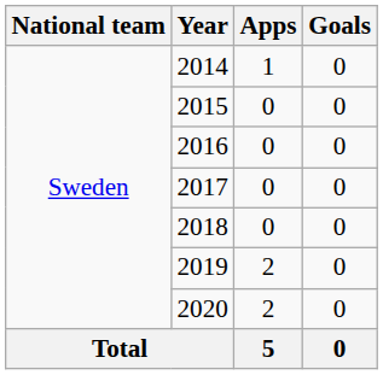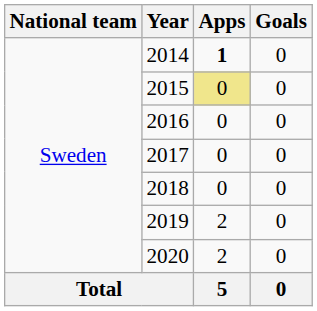 <table class="wikitable" style="text-align:center">
 <tr>
 <th>National team</th>
 <th>Year</th>
 <th>Apps</th>
 <th>Goals</th>
 </tr>
 <tr>
 <td rowspan="7"><a href='#'>Sweden</a></td>
 <td>2014</td>
-<td>1</td>
+<td><strong>1</strong></td>
 <td>0</td>
 </tr>
 <tr>
 <td>2015</td>
-<td>0</td>
+<td style="background: khaki;">0</td>
 <td>0</td>
 </tr>
 <tr>
 <td>2016</td>
 <td>0</td>
 <td>0</td>
 </tr>
 <tr>
 <td>2017</td>
 <td>0</td>
 <td>0</td>
 </tr>
 <tr>
 <td>2018</td>
 <td>0</td>
 <td>0</td>
 </tr>
 <tr>
 <td>2019</td>
 <td>2</td>
 <td>0</td>
 </tr>
 <tr>
 <td>2020</td>
 <td>2</td>
 <td>0</td>
 </tr>
 <tr>
 <th colspan="2">Total</th>
 <th>5</th>
 <th>0</th>
 </tr>
 </table>
